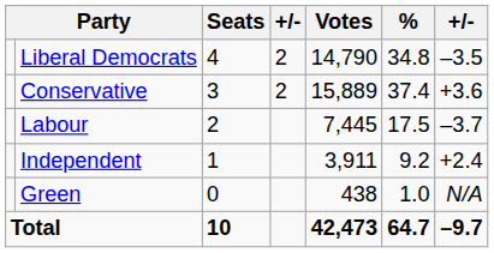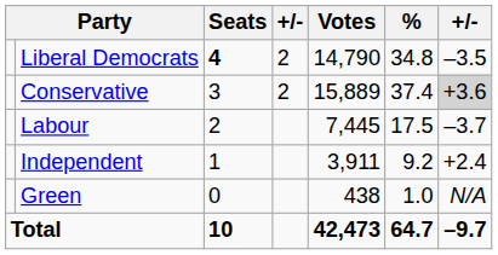 <table class="wikitable sortable">
 <tr>
 <th colspan="2">Party</th>
 <th>Seats</th>
 <th>+/-</th>
 <th>Votes</th>
 <th>%</th>
 <th>+/-</th>
 </tr>
 <tr>
 <td style="background-color: "></td>
 <td><a href='#'>Liberal Democrats</a></td>
-<td>4</td>
+<td><strong>4</strong></td>
 <td> 2</td>
 <td style="text-align:right;">14,790</td>
 <td style="text-align:right;">34.8</td>
 <td style="text-align:right;">–3.5</td>
 </tr>
 <tr>
 <td style="background-color: "></td>
 <td><a href='#'>Conservative</a></td>
 <td>3</td>
 <td> 2</td>
 <td style="text-align:right;">15,889</td>
 <td style="text-align:right;">37.4</td>
-<td style="text-align:right;">+3.6</td>
+<td style="background: lightgrey; text-align:right;">+3.6</td>
 </tr>
 <tr>
 <td style="background-color: "></td>
 <td><a href='#'>Labour</a></td>
 <td>2</td>
 <td></td>
 <td style="text-align:right;">7,445</td>
 <td style="text-align:right;">17.5</td>
 <td style="text-align:right;">–3.7</td>
 </tr>
 <tr>
 <td style="background-color: "></td>
 <td><a href='#'>Independent</a></td>
 <td>1</td>
 <td></td>
 <td style="text-align:right;">3,911</td>
 <td style="text-align:right;">9.2</td>
 <td style="text-align:right;">+2.4</td>
 </tr>
 <tr>
 <td style="background-color: "></td>
 <td><a href='#'>Green</a></td>
 <td>0</td>
 <td></td>
 <td style="text-align:right;">438</td>
 <td style="text-align:right;">1.0</td>
 <td style="text-align:right;"><em>N/A</em></td>
 </tr>
 <tr>
 <td colspan="2"><strong>Total</strong></td>
 <td><strong>10</strong></td>
 <td></td>
 <td style="text-align:right;"><strong>42,473</strong></td>
 <td style="text-align:right;"><strong>64.7</strong></td>
 <td style="text-align:right;"><strong>–9.7</strong></td>
 </tr>
 </table>
